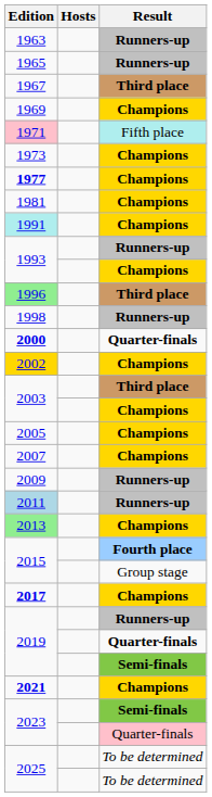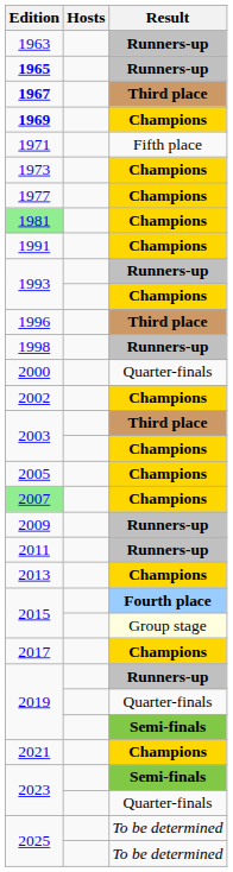 <table class="wikitable" style="text-align: center;">
 <tr>
 <th>Edition</th>
 <th>Hosts</th>
 <th>Result</th>
 </tr>
 <tr>
 <td><a href='#'>1963</a></td>
 <td></td>
 <td bgcolor=Silver><strong>Runners-up</strong></td>
 </tr>
 <tr>
-<td><a href='#'>1965</a></td>
+<td><strong><a href='#'>1965</a></strong></td>
 <td></td>
 <td bgcolor=Silver><strong>Runners-up</strong></td>
 </tr>
 <tr>
-<td><a href='#'>1967</a></td>
+<td><strong><a href='#'>1967</a></strong></td>
 <td></td>
 <td bgcolor=cc9966><strong>Third place</strong></td>
 </tr>
 <tr>
-<td><a href='#'>1969</a></td>
+<td><strong><a href='#'>1969</a></strong></td>
 <td></td>
 <td bgcolor=Gold><strong>Champions</strong></td>
 </tr>
 <tr>
-<td style="background: pink;"><a href='#'>1971</a></td>
+<td><a href='#'>1971</a></td>
 <td></td>
-<td style="background: paleturquoise;">Fifth place</td>
+<td>Fifth place</td>
 </tr>
 <tr>
 <td><a href='#'>1973</a></td>
 <td></td>
 <td bgcolor=Gold><strong>Champions</strong></td>
 </tr>
 <tr>
-<td><strong><a href='#'>1977</a></strong></td>
+<td><a href='#'>1977</a></td>
 <td></td>
 <td bgcolor=Gold><strong>Champions</strong></td>
 </tr>
 <tr>
-<td><a href='#'>1981</a></td>
+<td style="background: lightgreen;"><a href='#'>1981</a></td>
 <td></td>
 <td bgcolor=Gold><strong>Champions</strong></td>
 </tr>
 <tr>
-<td style="background: paleturquoise;"><a href='#'>1991</a></td>
+<td><a href='#'>1991</a></td>
 <td></td>
 <td bgcolor=Gold><strong>Champions</strong></td>
 </tr>
 <tr>
 <td rowspan=2><a href='#'>1993</a></td>
 <td></td>
 <td bgcolor=Silver><strong>Runners-up</strong></td>
 </tr>
 <tr>
 <td></td>
 <td bgcolor=Gold><strong>Champions</strong></td>
 </tr>
 <tr>
-<td style="background: lightgreen;"><a href='#'>1996</a></td>
+<td><a href='#'>1996</a></td>
 <td></td>
 <td bgcolor=cc9966><strong>Third place</strong></td>
 </tr>
 <tr>
 <td><a href='#'>1998</a></td>
 <td></td>
 <td bgcolor=Silver><strong>Runners-up</strong></td>
 </tr>
 <tr>
-<td><strong><a href='#'>2000</a></strong></td>
+<td><a href='#'>2000</a></td>
 <td></td>
-<td><strong>Quarter-finals</strong></td>
+<td>Quarter-finals</td>
 </tr>
 <tr>
-<td style="background: gold;"><a href='#'>2002</a></td>
+<td><a href='#'>2002</a></td>
 <td></td>
 <td bgcolor=Gold><strong>Champions</strong></td>
 </tr>
 <tr>
 <td rowspan=2><a href='#'>2003</a></td>
 <td></td>
 <td bgcolor=cc9966><strong>Third place</strong></td>
 </tr>
 <tr>
 <td></td>
 <td bgcolor=Gold><strong>Champions</strong></td>
 </tr>
 <tr>
 <td><a href='#'>2005</a></td>
 <td></td>
 <td bgcolor=Gold><strong>Champions</strong></td>
 </tr>
 <tr>
-<td><a href='#'>2007</a></td>
+<td style="background: lightgreen;"><a href='#'>2007</a></td>
 <td></td>
 <td bgcolor=Gold><strong>Champions</strong></td>
 </tr>
 <tr>
 <td><a href='#'>2009</a></td>
 <td></td>
 <td bgcolor=Silver><strong>Runners-up</strong></td>
 </tr>
 <tr>
-<td style="background: lightblue;"><a href='#'>2011</a></td>
+<td><a href='#'>2011</a></td>
 <td></td>
 <td bgcolor=Silver><strong>Runners-up</strong></td>
 </tr>
 <tr>
-<td style="background: lightgreen;"><a href='#'>2013</a></td>
+<td><a href='#'>2013</a></td>
 <td></td>
 <td bgcolor=Gold><strong>Champions</strong></td>
 </tr>
 <tr>
 <td rowspan=2><a href='#'>2015</a></td>
 <td></td>
 <td bgcolor=#9acdff><strong>Fourth place</strong></td>
 </tr>
 <tr>
 <td></td>
-<td>Group stage</td>
+<td style="background: lightyellow;">Group stage</td>
 </tr>
 <tr>
-<td><strong><a href='#'>2017</a></strong></td>
+<td><a href='#'>2017</a></td>
 <td></td>
 <td bgcolor=Gold><strong>Champions</strong></td>
 </tr>
 <tr>
 <td rowspan=3><a href='#'>2019</a></td>
 <td></td>
 <td bgcolor=Silver><strong>Runners-up</strong></td>
 </tr>
 <tr>
 <td></td>
-<td><strong>Quarter-finals</strong></td>
+<td>Quarter-finals</td>
 </tr>
 <tr>
 <td></td>
 <td bgcolor=#81c846><strong>Semi-finals</strong></td>
 </tr>
 <tr>
-<td><strong><a href='#'>2021</a></strong></td>
+<td><a href='#'>2021</a></td>
 <td></td>
 <td bgcolor=Gold><strong>Champions</strong></td>
 </tr>
 <tr>
 <td rowspan=2><a href='#'>2023</a></td>
 <td></td>
 <td bgcolor=#81c846><strong>Semi-finals</strong></td>
 </tr>
 <tr>
 <td></td>
-<td style="background: pink;">Quarter-finals</td>
+<td>Quarter-finals</td>
 </tr>
 <tr>
 <td rowspan=2><a href='#'>2025</a></td>
 <td></td>
 <td><em>To be determined</em></td>
 </tr>
 <tr>
 <td></td>
 <td><em>To be determined</em></td>
 </tr>
 </table>
